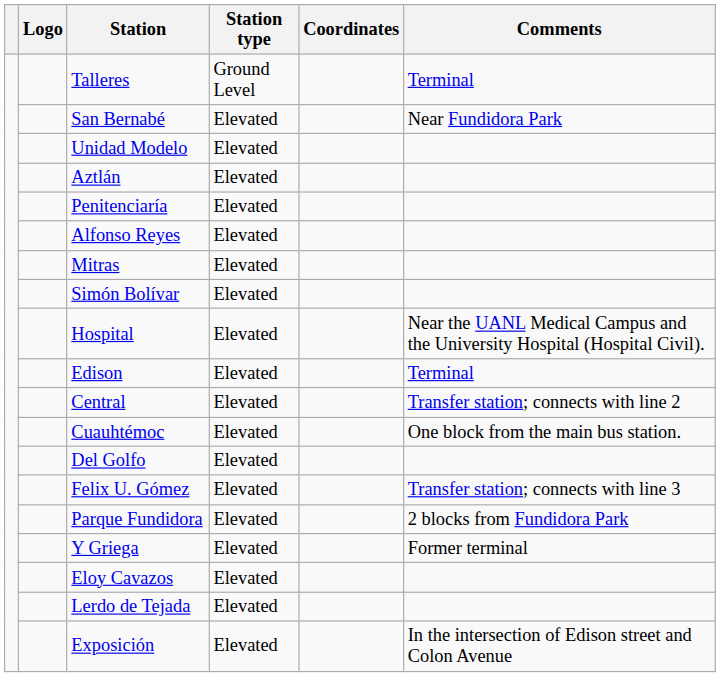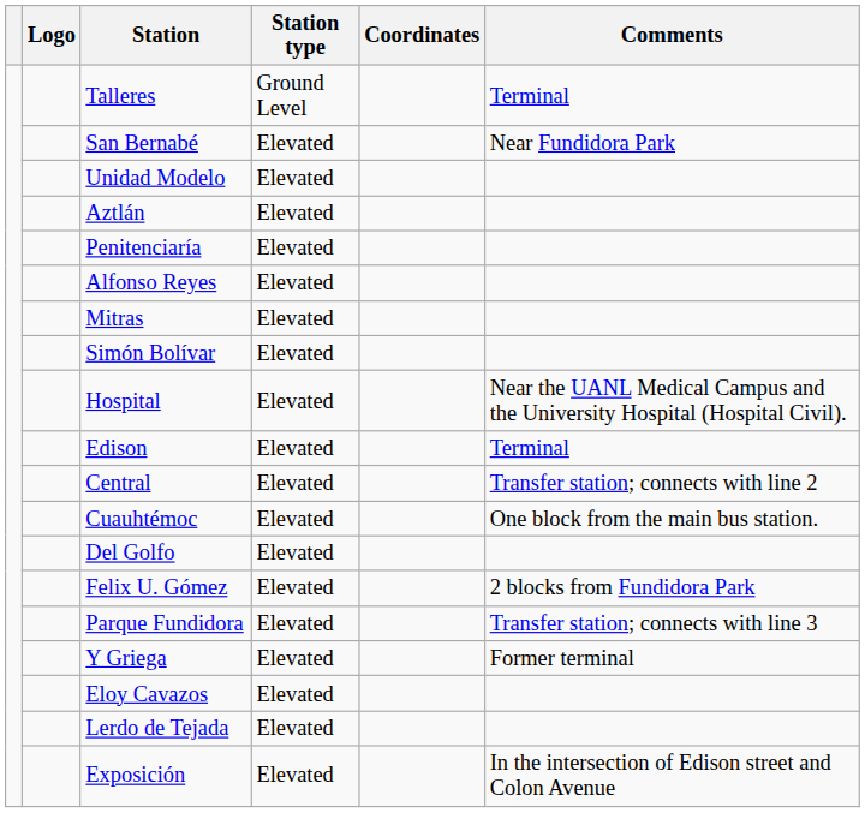 <table style="width:70%;" class="wikitable">
 <tr>
 <th></th>
 <th>Logo</th>
 <th>Station</th>
 <th>Station type</th>
 <th>Coordinates</th>
 <th>Comments</th>
 </tr>
 <tr>
 <td rowspan="19" style="width:2%; background:#"> </td>
 <td></td>
 <td style="width:20%;"><a href='#'>Talleres</a></td>
 <td>Ground Level</td>
 <td></td>
 <td><a href='#'>Terminal</a></td>
 </tr>
 <tr>
 <td></td>
 <td><a href='#'>San Bernabé</a></td>
 <td>Elevated</td>
 <td></td>
 <td>Near <a href='#'>Fundidora Park</a></td>
 </tr>
 <tr>
 <td></td>
 <td><a href='#'>Unidad Modelo</a></td>
 <td>Elevated</td>
 <td></td>
 <td></td>
 </tr>
 <tr>
 <td></td>
 <td><a href='#'>Aztlán</a></td>
 <td>Elevated</td>
 <td></td>
 <td></td>
 </tr>
 <tr>
 <td></td>
 <td><a href='#'>Penitenciaría</a></td>
 <td>Elevated</td>
 <td></td>
 <td></td>
 </tr>
 <tr>
 <td></td>
 <td><a href='#'>Alfonso Reyes</a></td>
 <td>Elevated</td>
 <td></td>
 <td></td>
 </tr>
 <tr>
 <td></td>
 <td><a href='#'>Mitras</a></td>
 <td>Elevated</td>
 <td></td>
 <td></td>
 </tr>
 <tr>
 <td></td>
 <td><a href='#'>Simón Bolívar</a></td>
 <td>Elevated</td>
 <td></td>
 <td></td>
 </tr>
 <tr>
 <td></td>
 <td><a href='#'>Hospital</a></td>
 <td>Elevated</td>
 <td></td>
 <td>Near the <a href='#'>UANL</a> Medical Campus and the University Hospital (Hospital Civil).</td>
 </tr>
 <tr>
 <td></td>
 <td><a href='#'>Edison</a></td>
 <td>Elevated</td>
 <td></td>
 <td><a href='#'>Terminal</a></td>
 </tr>
 <tr>
 <td></td>
 <td><a href='#'>Central</a></td>
 <td>Elevated</td>
 <td></td>
 <td><a href='#'>Transfer station</a>; connects with line 2</td>
 </tr>
 <tr>
 <td></td>
 <td><a href='#'>Cuauhtémoc</a></td>
 <td>Elevated</td>
 <td></td>
 <td>One block from the main bus station.</td>
 </tr>
 <tr>
 <td></td>
 <td><a href='#'>Del Golfo</a></td>
 <td>Elevated</td>
 <td></td>
 <td></td>
 </tr>
 <tr>
 <td></td>
 <td><a href='#'>Felix U. Gómez</a></td>
 <td>Elevated</td>
 <td></td>
-<td><a href='#'>Transfer station</a>; connects with line 3</td>
+<td>2 blocks from <a href='#'>Fundidora Park</a></td>
 </tr>
 <tr>
 <td></td>
 <td><a href='#'>Parque Fundidora</a></td>
 <td>Elevated</td>
 <td></td>
-<td>2 blocks from <a href='#'>Fundidora Park</a></td>
+<td><a href='#'>Transfer station</a>; connects with line 3</td>
 </tr>
 <tr>
 <td></td>
 <td><a href='#'>Y Griega</a></td>
 <td>Elevated</td>
 <td></td>
 <td>Former terminal</td>
 </tr>
 <tr>
 <td></td>
 <td><a href='#'>Eloy Cavazos</a></td>
 <td>Elevated</td>
 <td></td>
 <td></td>
 </tr>
 <tr>
 <td></td>
 <td><a href='#'>Lerdo de Tejada</a></td>
 <td>Elevated</td>
 <td></td>
 <td></td>
 </tr>
 <tr>
 <td></td>
 <td><a href='#'>Exposición</a></td>
 <td>Elevated</td>
 <td></td>
 <td>In the intersection of Edison street and Colon Avenue</td>
 </tr>
 </table>
